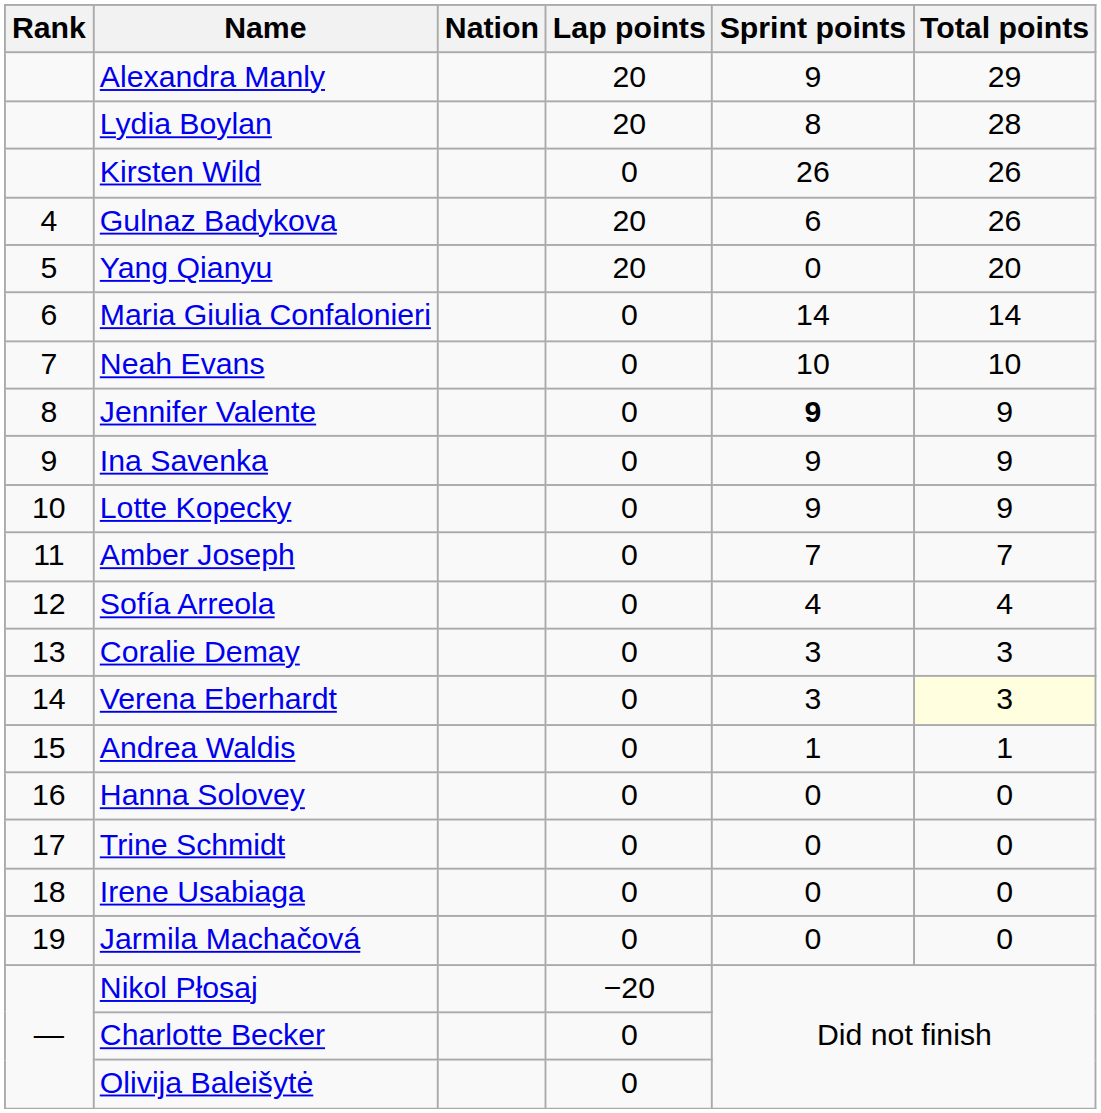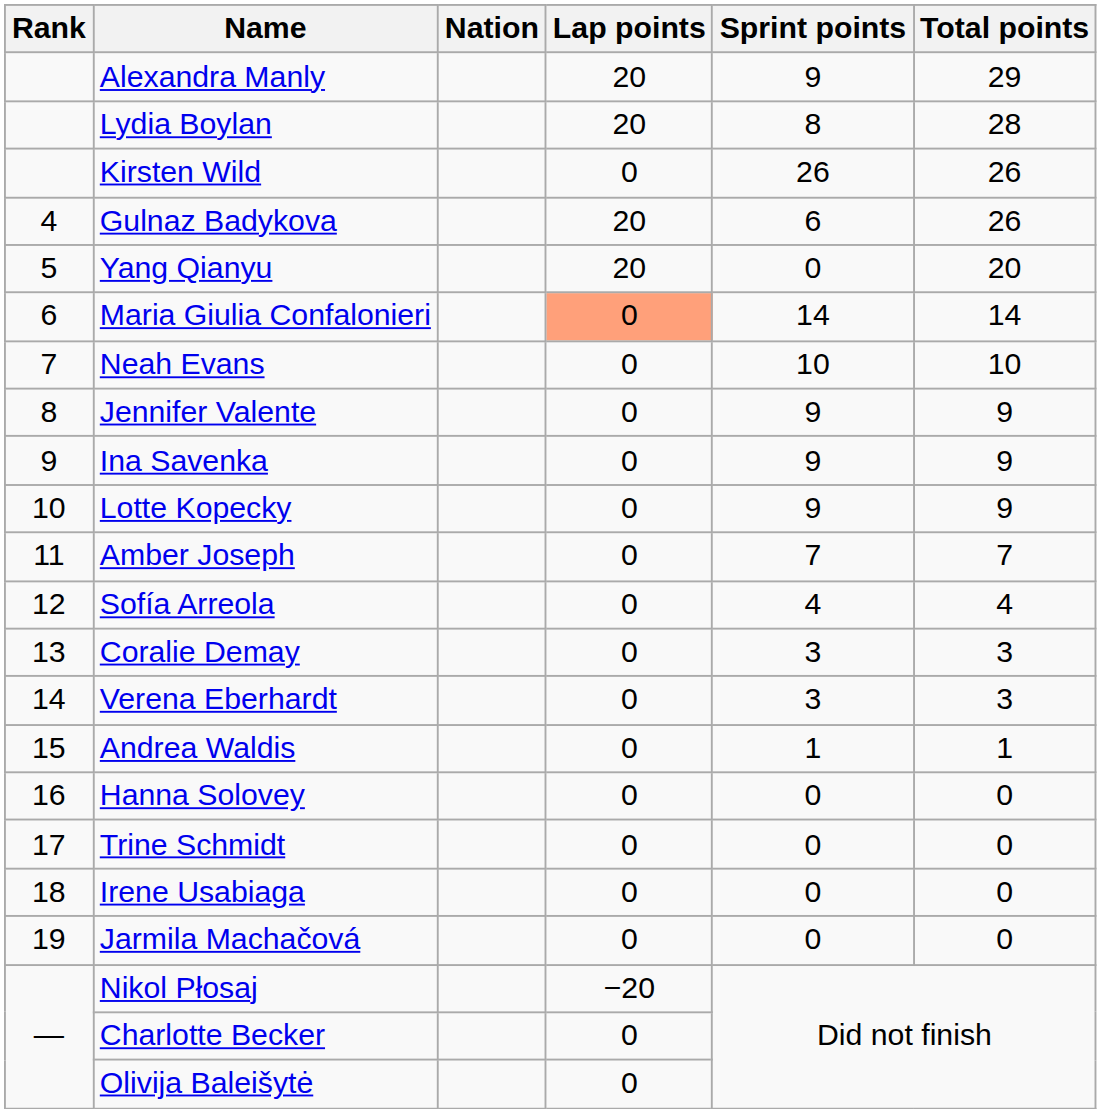 <table class="wikitable sortable" style="text-align:center">
 <tr>
 <th>Rank</th>
 <th>Name</th>
 <th>Nation</th>
 <th>Lap points</th>
 <th>Sprint points</th>
 <th>Total points</th>
 </tr>
 <tr>
 <td></td>
 <td align=left><a href='#'>Alexandra Manly</a></td>
 <td align=left></td>
 <td>20</td>
 <td>9</td>
 <td>29</td>
 </tr>
 <tr>
 <td></td>
 <td align=left><a href='#'>Lydia Boylan</a></td>
 <td align=left></td>
 <td>20</td>
 <td>8</td>
 <td>28</td>
 </tr>
 <tr>
 <td></td>
 <td align=left><a href='#'>Kirsten Wild</a></td>
 <td align=left></td>
 <td>0</td>
 <td>26</td>
 <td>26</td>
 </tr>
 <tr>
 <td>4</td>
 <td align=left><a href='#'>Gulnaz Badykova</a></td>
 <td align=left></td>
 <td>20</td>
 <td>6</td>
 <td>26</td>
 </tr>
 <tr>
 <td>5</td>
 <td align=left><a href='#'>Yang Qianyu</a></td>
 <td align=left></td>
 <td>20</td>
 <td>0</td>
 <td>20</td>
 </tr>
 <tr>
 <td>6</td>
 <td align=left><a href='#'>Maria Giulia Confalonieri</a></td>
 <td align=left></td>
-<td>0</td>
+<td style="background: lightsalmon;">0</td>
 <td>14</td>
 <td>14</td>
 </tr>
 <tr>
 <td>7</td>
 <td align=left><a href='#'>Neah Evans</a></td>
 <td align=left></td>
 <td>0</td>
 <td>10</td>
 <td>10</td>
 </tr>
 <tr>
 <td>8</td>
 <td align=left><a href='#'>Jennifer Valente</a></td>
 <td align=left></td>
 <td>0</td>
-<td><strong>9</strong></td>
+<td>9</td>
 <td>9</td>
 </tr>
 <tr>
 <td>9</td>
 <td align=left><a href='#'>Ina Savenka</a></td>
 <td align=left></td>
 <td>0</td>
 <td>9</td>
 <td>9</td>
 </tr>
 <tr>
 <td>10</td>
 <td align=left><a href='#'>Lotte Kopecky</a></td>
 <td align=left></td>
 <td>0</td>
 <td>9</td>
 <td>9</td>
 </tr>
 <tr>
 <td>11</td>
 <td align=left><a href='#'>Amber Joseph</a></td>
 <td align=left></td>
 <td>0</td>
 <td>7</td>
 <td>7</td>
 </tr>
 <tr>
 <td>12</td>
 <td align=left><a href='#'>Sofía Arreola</a></td>
 <td align=left></td>
 <td>0</td>
 <td>4</td>
 <td>4</td>
 </tr>
 <tr>
 <td>13</td>
 <td align=left><a href='#'>Coralie Demay</a></td>
 <td align=left></td>
 <td>0</td>
 <td>3</td>
 <td>3</td>
 </tr>
 <tr>
 <td>14</td>
 <td align=left><a href='#'>Verena Eberhardt</a></td>
 <td align=left></td>
 <td>0</td>
 <td>3</td>
-<td style="background: lightyellow;">3</td>
+<td>3</td>
 </tr>
 <tr>
 <td>15</td>
 <td align=left><a href='#'>Andrea Waldis</a></td>
 <td align=left></td>
 <td>0</td>
 <td>1</td>
 <td>1</td>
 </tr>
 <tr>
 <td>16</td>
 <td align=left><a href='#'>Hanna Solovey</a></td>
 <td align=left></td>
 <td>0</td>
 <td>0</td>
 <td>0</td>
 </tr>
 <tr>
 <td>17</td>
 <td align=left><a href='#'>Trine Schmidt</a></td>
 <td align=left></td>
 <td>0</td>
 <td>0</td>
 <td>0</td>
 </tr>
 <tr>
 <td>18</td>
 <td align=left><a href='#'>Irene Usabiaga</a></td>
 <td align=left></td>
 <td>0</td>
 <td>0</td>
 <td>0</td>
 </tr>
 <tr>
 <td>19</td>
 <td align=left><a href='#'>Jarmila Machačová</a></td>
 <td align=left></td>
 <td>0</td>
 <td>0</td>
 <td>0</td>
 </tr>
 <tr>
 <td rowspan=3>—</td>
 <td align=left><a href='#'>Nikol Płosaj</a></td>
 <td align=left></td>
 <td>−20</td>
 <td rowspan=3 colspan=2>Did not finish</td>
 </tr>
 <tr>
 <td align=left><a href='#'>Charlotte Becker</a></td>
 <td align=left></td>
 <td>0</td>
 </tr>
 <tr>
 <td align=left><a href='#'>Olivija Baleišytė</a></td>
 <td align=left></td>
 <td>0</td>
 </tr>
 </table>
